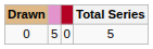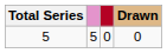 <table class="wikitable">
 <tr>
-<th style="background:#deb887">Drawn</th>
+<th>Total Series</th>
 <th style="background:#E494CC"></th>
 <th style="background:#b40224"></th>
-<th>Total Series</th>
+<th style="background:#deb887">Drawn</th>
 </tr>
 <tr>
-<td align="center">0</td>
+<td align="center">5</td>
 <td align="center">5</td>
 <td align="center">0</td>
-<td align="center">5</td>
+<td align="center">0</td>
 </tr>
 </table>
